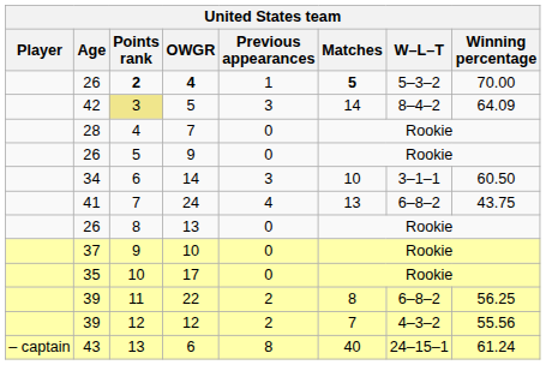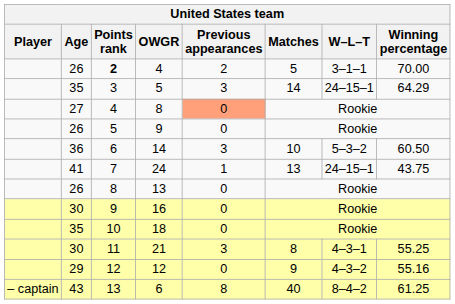 <table class="wikitable sortable" style="text-align:center">
 <tr>
 <th colspan=8>United States team</th>
 </tr>
 <tr>
 <th>Player</th>
 <th>Age</th>
 <th data-sort-type="number">Points<br>rank</th>
 <th data-sort-type="number">OWGR</th>
 <th data-sort-type="number">Previous<br>appearances</th>
 <th data-sort-type="number">Matches</th>
 <th data-sort-type="number">W–L–T</th>
 <th data-sort-type="number">Winning<br>percentage</th>
 </tr>
 <tr>
 <td align=left></td>
 <td>26</td>
 <td><strong>2</strong></td>
-<td><strong>4</strong></td>
-<td>1</td>
-<td><strong>5</strong></td>
-<td>5–3–2</td>
+<td>4</td>
+<td>2</td>
+<td>5</td>
+<td>3–1–1</td>
 <td>70.00</td>
 </tr>
 <tr>
 <td align=left></td>
-<td>42</td>
-<td style="background: khaki;">3</td>
+<td>35</td>
+<td>3</td>
 <td>5</td>
 <td>3</td>
 <td>14</td>
-<td>8–4–2</td>
-<td>64.09</td>
+<td>24–15–1</td>
+<td>64.29</td>
 </tr>
 <tr>
 <td align=left></td>
-<td>28</td>
+<td>27</td>
 <td>4</td>
-<td>7</td>
-<td>0</td>
+<td>8</td>
+<td style="background: lightsalmon;">0</td>
 <td colspan=3>Rookie</td>
 </tr>
 <tr>
 <td align=left></td>
 <td>26</td>
 <td>5</td>
 <td>9</td>
 <td>0</td>
 <td colspan=3>Rookie</td>
 </tr>
 <tr>
 <td align=left></td>
-<td>34</td>
+<td>36</td>
 <td>6</td>
 <td>14</td>
 <td>3</td>
 <td>10</td>
-<td>3–1–1</td>
+<td>5–3–2</td>
 <td>60.50</td>
 </tr>
 <tr>
 <td align=left></td>
 <td>41</td>
 <td>7</td>
 <td>24</td>
-<td>4</td>
+<td>1</td>
 <td>13</td>
-<td>6–8–2</td>
+<td>24–15–1</td>
 <td>43.75</td>
 </tr>
 <tr>
 <td align=left></td>
 <td>26</td>
 <td>8</td>
 <td>13</td>
 <td>0</td>
 <td colspan=3>Rookie</td>
 </tr>
 <tr style="background:#ffa;">
 <td align=left></td>
-<td>37</td>
+<td>30</td>
 <td>9</td>
-<td>10</td>
+<td>16</td>
 <td>0</td>
 <td colspan=3>Rookie</td>
 </tr>
 <tr style="background:#ffa;">
 <td align=left></td>
 <td>35</td>
 <td>10</td>
-<td>17</td>
+<td>18</td>
 <td>0</td>
 <td colspan=3>Rookie</td>
 </tr>
 <tr style="background:#ffa;">
 <td align=left></td>
-<td>39</td>
+<td>30</td>
 <td>11</td>
-<td>22</td>
-<td>2</td>
+<td>21</td>
+<td>3</td>
 <td>8</td>
-<td>6–8–2</td>
-<td>56.25</td>
+<td>4–3–1</td>
+<td>55.25</td>
 </tr>
 <tr style="background:#ffa;">
 <td align=left></td>
-<td>39</td>
+<td>29</td>
 <td>12</td>
 <td>12</td>
-<td>2</td>
-<td>7</td>
+<td>0</td>
+<td>9</td>
 <td>4–3–2</td>
-<td>55.56</td>
+<td>55.16</td>
 </tr>
 <tr style="background:#ffa;">
 <td align=left> – captain</td>
 <td>43</td>
 <td>13</td>
 <td>6</td>
 <td>8</td>
 <td>40</td>
-<td>24–15–1</td>
-<td>61.24</td>
+<td>8–4–2</td>
+<td>61.25</td>
 </tr>
 </table>
